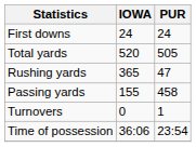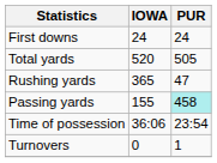 <table class="wikitable">
 <tr>
 <th>Statistics</th>
 <th>IOWA</th>
 <th>PUR</th>
 </tr>
 <tr>
 <td>First downs</td>
 <td>24</td>
 <td>24</td>
 </tr>
 <tr>
 <td>Total yards</td>
 <td>520</td>
 <td>505</td>
 </tr>
 <tr>
 <td>Rushing yards</td>
 <td>365</td>
 <td>47</td>
 </tr>
 <tr>
 <td>Passing yards</td>
 <td>155</td>
-<td>458</td>
+<td style="background: paleturquoise;">458</td>
+</tr>
+<tr>
+<td>Time of possession</td>
+<td>36:06</td>
+<td>23:54</td>
 </tr>
 <tr>
 <td>Turnovers</td>
 <td>0</td>
 <td>1</td>
 </tr>
 <tr>
-<td>Time of possession</td>
-<td>36:06</td>
-<td>23:54</td>
-</tr>
-<tr>
 </tr>
 </table>
